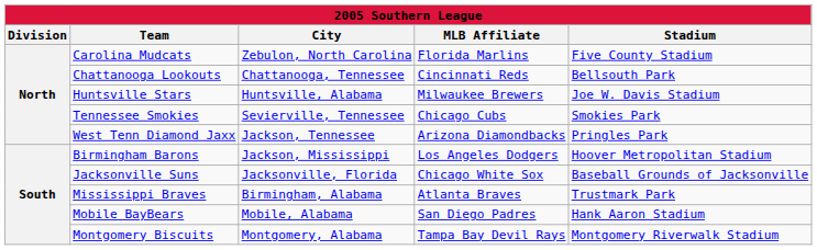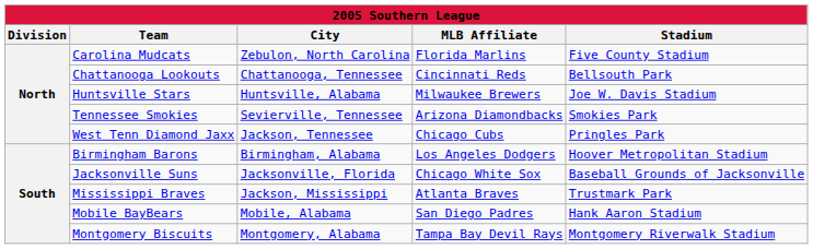 <table class="wikitable" style="width:auto">
 <tr>
 <td bgcolor="#DC143C" align="center" colspan="7"><strong><span>2005 Southern League</span></strong></td>
 </tr>
 <tr>
 <th>Division</th>
 <th>Team</th>
 <th>City</th>
 <th>MLB Affiliate</th>
 <th>Stadium</th>
 </tr>
 <tr>
 <th rowspan="5">North</th>
 <td><a href='#'>Carolina Mudcats</a></td>
 <td><a href='#'>Zebulon, North Carolina</a></td>
 <td><a href='#'>Florida Marlins</a></td>
 <td><a href='#'>Five County Stadium</a></td>
 </tr>
 <tr>
 <td><a href='#'>Chattanooga Lookouts</a></td>
 <td><a href='#'>Chattanooga, Tennessee</a></td>
 <td><a href='#'>Cincinnati Reds</a></td>
 <td><a href='#'>Bellsouth Park</a></td>
 </tr>
 <tr>
 <td><a href='#'>Huntsville Stars</a></td>
 <td><a href='#'>Huntsville, Alabama</a></td>
 <td><a href='#'>Milwaukee Brewers</a></td>
 <td><a href='#'>Joe W. Davis Stadium</a></td>
 </tr>
 <tr>
 <td><a href='#'>Tennessee Smokies</a></td>
 <td><a href='#'>Sevierville, Tennessee</a></td>
-<td><a href='#'>Chicago Cubs</a></td>
+<td><a href='#'>Arizona Diamondbacks</a></td>
 <td><a href='#'>Smokies Park</a></td>
 </tr>
 <tr>
 <td><a href='#'>West Tenn Diamond Jaxx</a></td>
 <td><a href='#'>Jackson, Tennessee</a></td>
-<td><a href='#'>Arizona Diamondbacks</a></td>
+<td><a href='#'>Chicago Cubs</a></td>
 <td><a href='#'>Pringles Park</a></td>
 </tr>
 <tr>
 <th rowspan="5">South</th>
 <td><a href='#'>Birmingham Barons</a></td>
-<td><a href='#'>Jackson, Mississippi</a></td>
+<td><a href='#'>Birmingham, Alabama</a></td>
 <td><a href='#'>Los Angeles Dodgers</a></td>
 <td><a href='#'>Hoover Metropolitan Stadium</a></td>
 </tr>
 <tr>
 <td><a href='#'>Jacksonville Suns</a></td>
 <td><a href='#'>Jacksonville, Florida</a></td>
 <td><a href='#'>Chicago White Sox</a></td>
 <td><a href='#'>Baseball Grounds of Jacksonville</a></td>
 </tr>
 <tr>
 <td><a href='#'>Mississippi Braves</a></td>
-<td><a href='#'>Birmingham, Alabama</a></td>
+<td><a href='#'>Jackson, Mississippi</a></td>
 <td><a href='#'>Atlanta Braves</a></td>
 <td><a href='#'>Trustmark Park</a></td>
 </tr>
 <tr>
 <td><a href='#'>Mobile BayBears</a></td>
 <td><a href='#'>Mobile, Alabama</a></td>
 <td><a href='#'>San Diego Padres</a></td>
 <td><a href='#'>Hank Aaron Stadium</a></td>
 </tr>
 <tr>
 <td><a href='#'>Montgomery Biscuits</a></td>
 <td><a href='#'>Montgomery, Alabama</a></td>
 <td><a href='#'>Tampa Bay Devil Rays</a></td>
 <td><a href='#'>Montgomery Riverwalk Stadium</a></td>
 </tr>
 </table>
